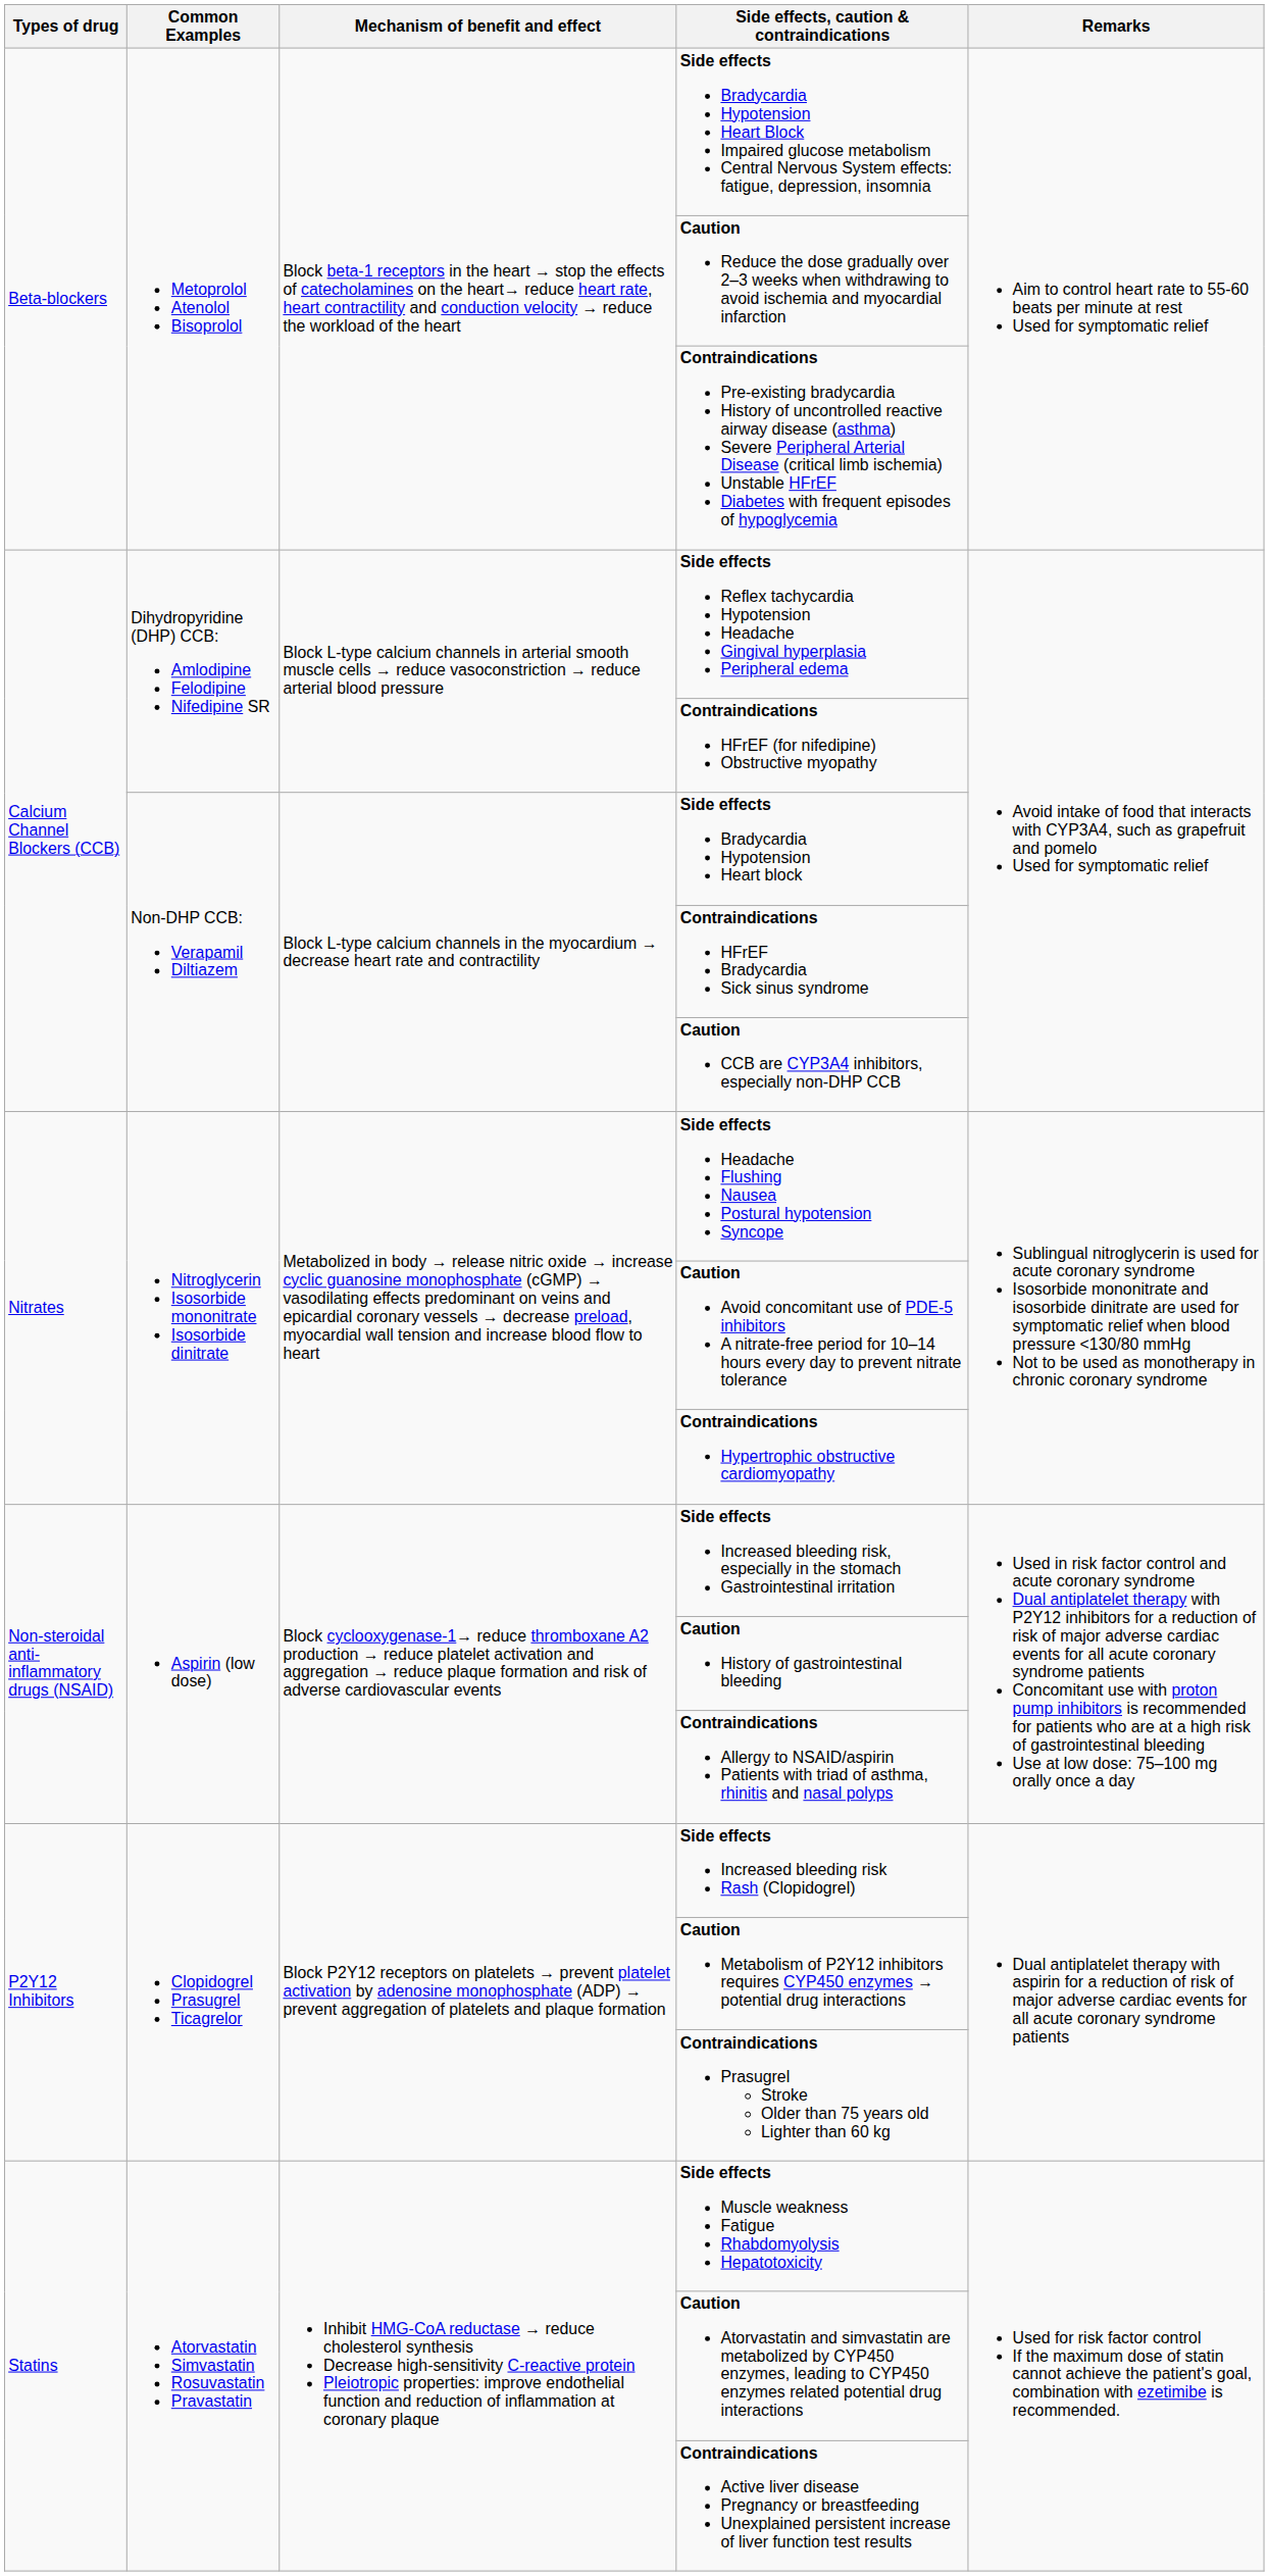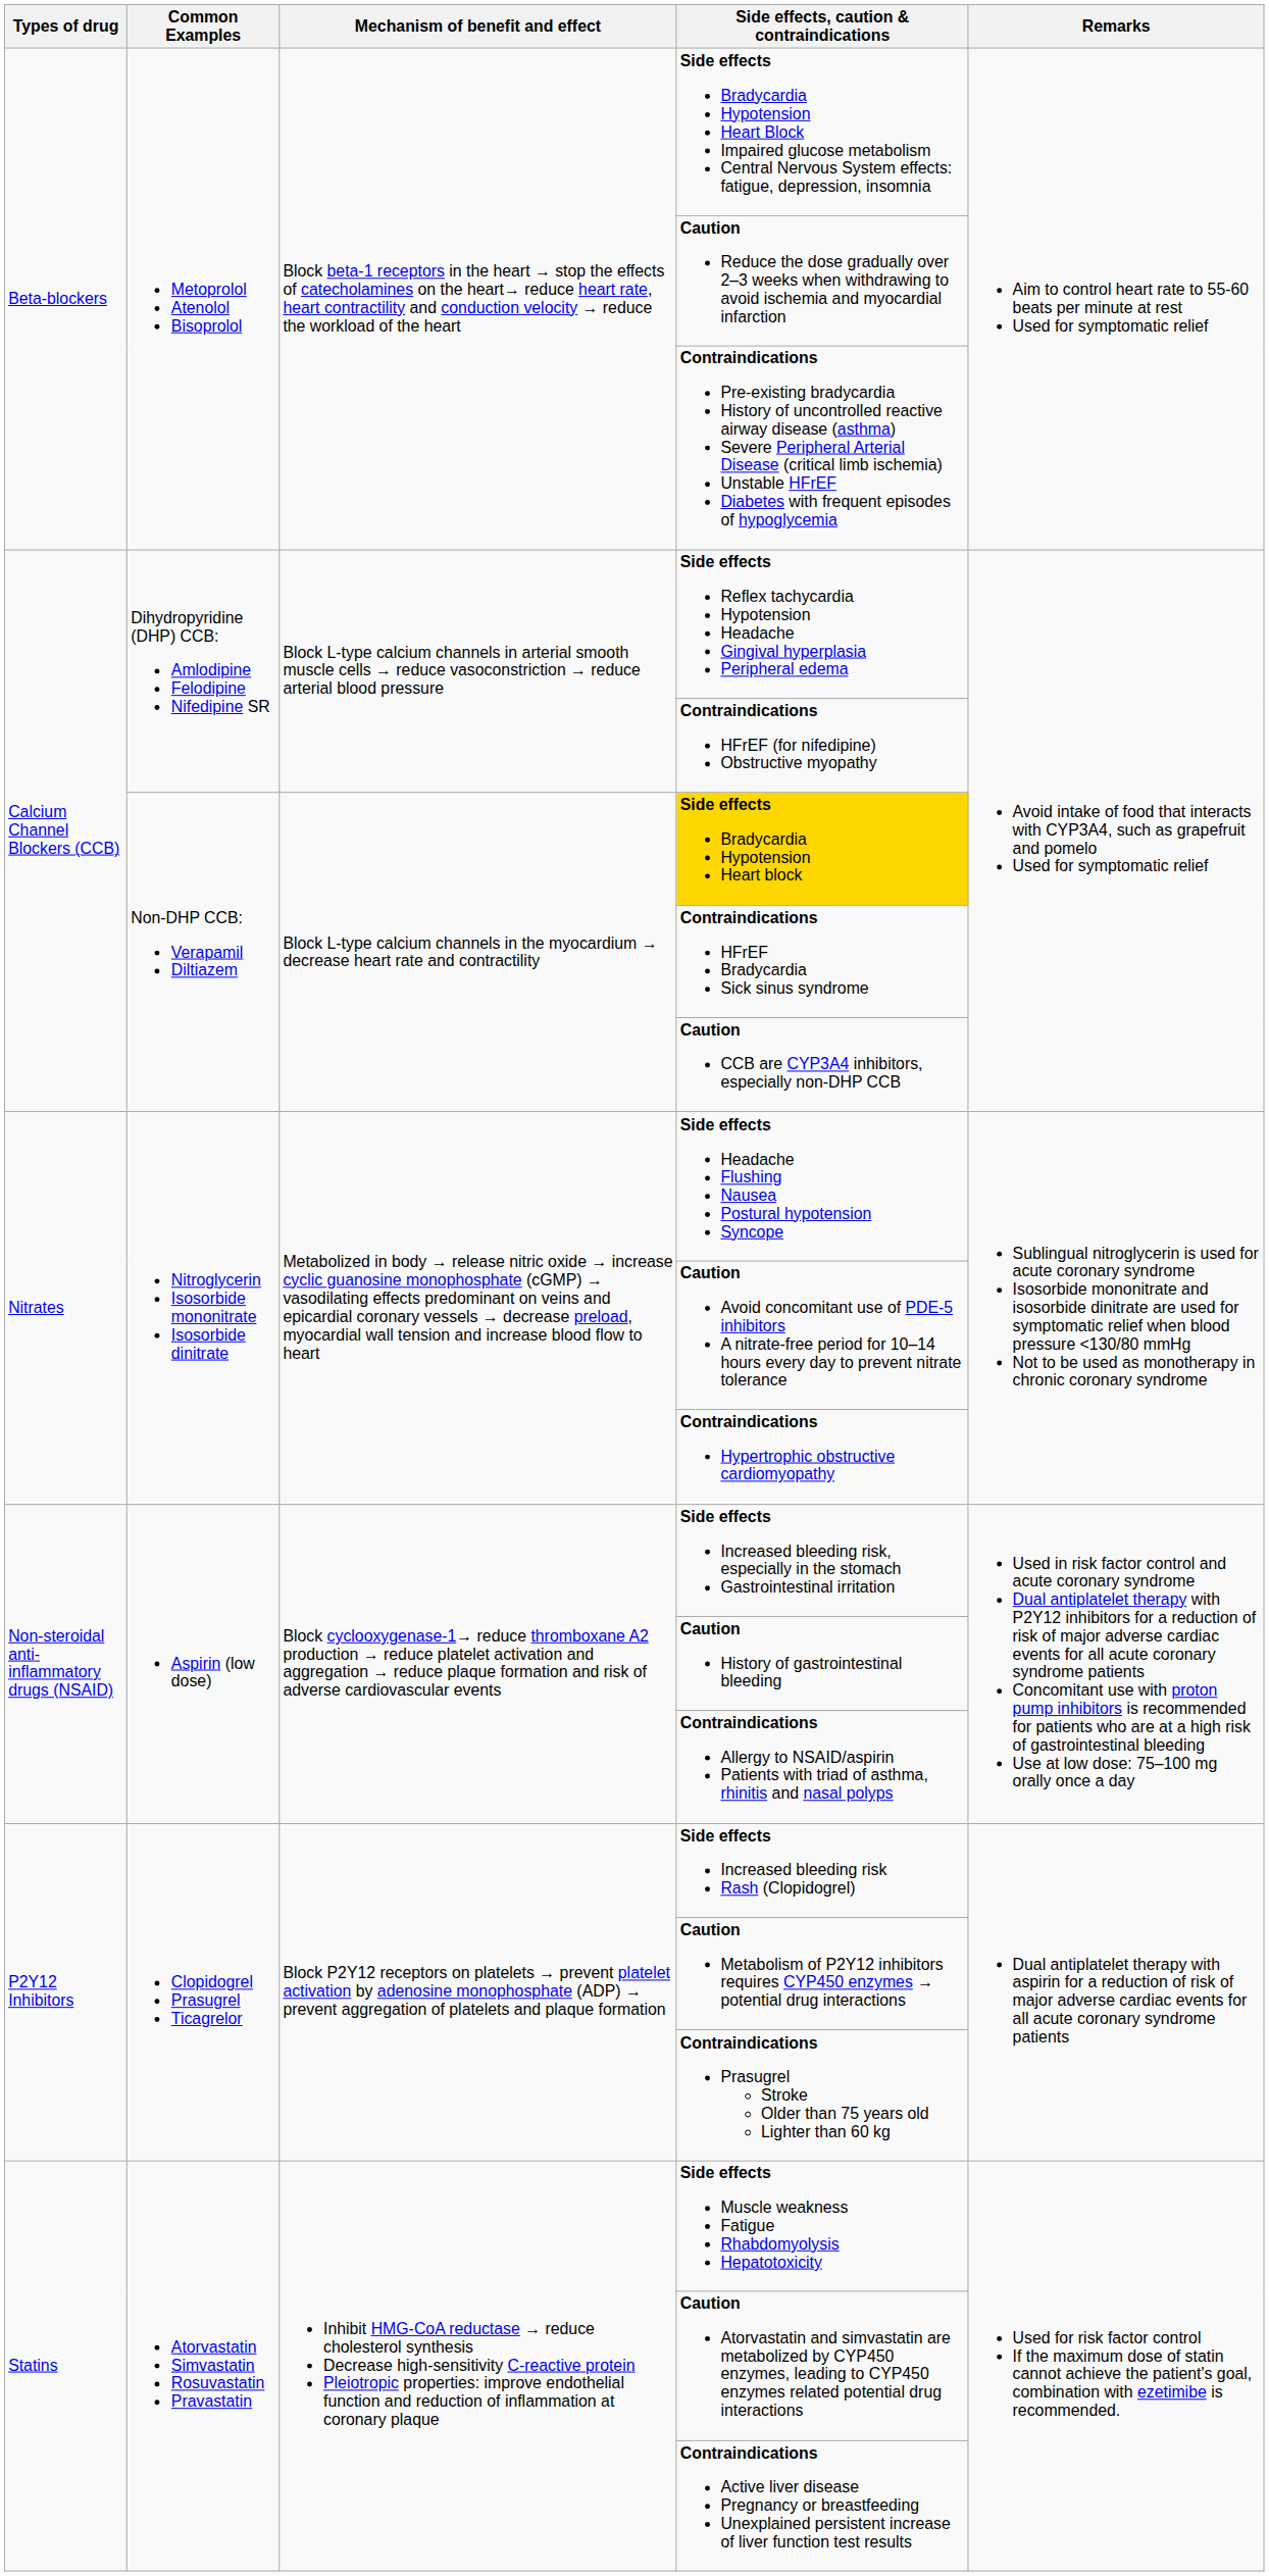 <table class="wikitable">
 <tr>
 <th>Types of drug</th>
 <th>Common Examples</th>
 <th>Mechanism of benefit and effect</th>
 <th>Side effects, caution & contraindications</th>
 <th>Remarks</th>
 </tr>
 <tr>
 <td rowspan="3"><a href='#'>Beta-blockers</a></td>
 <td rowspan="3"><br><ul><li><a href='#'>Metoprolol</a></li><li><a href='#'>Atenolol</a></li><li><a href='#'>Bisoprolol</a></li></ul></td>
 <td rowspan="3">Block <a href='#'>beta-1 receptors</a> in the heart → stop the effects of <a href='#'>catecholamines</a> on the heart→ reduce <a href='#'>heart rate</a>, <a href='#'>heart contractility</a> and <a href='#'>conduction velocity</a> → reduce the workload of the heart</td>
 <td><strong>Side effects</strong><br><ul><li><a href='#'>Bradycardia</a></li><li><a href='#'>Hypotension</a></li><li><a href='#'>Heart Block</a></li><li>Impaired glucose metabolism</li><li>Central Nervous System effects: fatigue, depression, insomnia</li></ul></td>
 <td rowspan="3"><br><ul><li>Aim to control heart rate to 55-60 beats per minute at rest</li><li>Used for symptomatic relief</li></ul></td>
 </tr>
 <tr>
 <td><strong>Caution</strong><br><ul><li>Reduce the dose gradually over 2–3 weeks when withdrawing to avoid ischemia and myocardial infarction</li></ul></td>
 </tr>
 <tr>
 <td><strong>Contraindications</strong><br><ul><li>Pre-existing bradycardia</li><li>History of uncontrolled reactive airway disease (<a href='#'>asthma</a>)</li><li>Severe <a href='#'>Peripheral Arterial Disease</a> (critical limb ischemia)</li><li>Unstable <a href='#'>HFrEF</a></li><li><a href='#'>Diabetes</a> with frequent episodes of <a href='#'>hypoglycemia</a></li></ul></td>
 </tr>
 <tr>
 <td rowspan="5"><a href='#'>Calcium Channel Blockers (CCB)</a></td>
 <td rowspan="2">Dihydropyridine (DHP) CCB:<br><ul><li><a href='#'>Amlodipine</a></li><li><a href='#'>Felodipine</a></li><li><a href='#'>Nifedipine</a> SR</li></ul></td>
 <td rowspan="2">Block L-type calcium channels in arterial smooth muscle cells → reduce vasoconstriction → reduce arterial blood pressure</td>
 <td><strong>Side effects</strong><br><ul><li>Reflex tachycardia</li><li>Hypotension</li><li>Headache</li><li><a href='#'>Gingival hyperplasia</a></li><li><a href='#'>Peripheral edema</a></li></ul></td>
 <td rowspan="5"><br><ul><li>Avoid intake of food that interacts with CYP3A4, such as grapefruit and pomelo</li><li>Used for symptomatic relief</li></ul></td>
 </tr>
 <tr>
 <td><strong>Contraindications</strong><br><ul><li>HFrEF (for nifedipine)</li><li>Obstructive myopathy</li></ul></td>
 </tr>
 <tr>
 <td rowspan="3">Non-DHP CCB:<br><ul><li><a href='#'>Verapamil</a></li><li><a href='#'>Diltiazem</a></li></ul></td>
 <td rowspan="3">Block L-type calcium channels in the myocardium → decrease heart rate and contractility</td>
-<td><strong>Side effects</strong><br><ul><li>Bradycardia</li><li>Hypotension</li><li>Heart block</li></ul></td>
+<td style="background: gold;"><strong>Side effects</strong><br><ul><li>Bradycardia</li><li>Hypotension</li><li>Heart block</li></ul></td>
 </tr>
 <tr>
 <td><strong>Contraindications</strong><br><ul><li>HFrEF</li><li>Bradycardia</li><li>Sick sinus syndrome</li></ul></td>
 </tr>
 <tr>
 <td><strong>Caution</strong><br><ul><li>CCB are <a href='#'>CYP3A4</a> inhibitors, especially non-DHP CCB</li></ul></td>
 </tr>
 <tr>
 <td rowspan="3"><a href='#'>Nitrates</a></td>
 <td rowspan="3"><br><ul><li><a href='#'>Nitroglycerin</a></li><li><a href='#'>Isosorbide mononitrate</a></li><li><a href='#'>Isosorbide dinitrate</a></li></ul></td>
 <td rowspan="3">Metabolized in body → release nitric oxide → increase <a href='#'>cyclic guanosine monophosphate</a> (cGMP) → vasodilating effects predominant on veins and epicardial coronary vessels → decrease <a href='#'>preload</a>, myocardial wall tension and increase blood flow to heart</td>
 <td><strong>Side effects</strong><br><ul><li>Headache</li><li><a href='#'>Flushing</a></li><li><a href='#'>Nausea</a></li><li><a href='#'>Postural hypotension</a></li><li><a href='#'>Syncope</a></li></ul></td>
 <td rowspan="3"><br><ul><li>Sublingual nitroglycerin is used for acute coronary syndrome</li><li>Isosorbide mononitrate and isosorbide dinitrate are used for symptomatic relief when blood pressure <130/80 mmHg</li><li>Not to be used as monotherapy in chronic coronary syndrome</li></ul></td>
 </tr>
 <tr>
 <td><strong>Caution</strong><br><ul><li>Avoid concomitant use of <a href='#'>PDE-5 inhibitors</a></li><li>A nitrate-free period for 10–14 hours every day to prevent nitrate tolerance</li></ul></td>
 </tr>
 <tr>
 <td><strong>Contraindications</strong><br><ul><li><a href='#'>Hypertrophic obstructive cardiomyopathy</a></li></ul></td>
 </tr>
 <tr>
 <td rowspan="3"><a href='#'>Non-steroidal</a><br><a href='#'>anti-inflammatory drugs (NSAID)</a></td>
 <td rowspan="3"><br><ul><li><a href='#'>Aspirin</a> (low dose)</li></ul></td>
 <td rowspan="3">Block <a href='#'>cyclooxygenase-1</a>→ reduce <a href='#'>thromboxane A2</a> production → reduce platelet activation and aggregation → reduce plaque formation and risk of adverse cardiovascular events</td>
 <td><strong>Side effects</strong><br><ul><li>Increased bleeding risk, especially in the stomach</li><li>Gastrointestinal irritation</li></ul></td>
 <td rowspan="3"><br><ul><li>Used in risk factor control and acute coronary syndrome</li><li><a href='#'>Dual antiplatelet therapy</a> with P2Y12 inhibitors for a reduction of risk of major adverse cardiac events for all acute coronary syndrome patients</li><li>Concomitant use with <a href='#'>proton pump inhibitors</a> is recommended for patients who are at a high risk of gastrointestinal bleeding</li><li>Use at low dose: 75–100 mg orally once a day</li></ul></td>
 </tr>
 <tr>
 <td><strong>Caution</strong><br><ul><li>History of gastrointestinal bleeding</li></ul></td>
 </tr>
 <tr>
 <td><strong>Contraindications</strong><br><ul><li>Allergy to NSAID/aspirin</li><li>Patients with triad of asthma, <a href='#'>rhinitis</a> and <a href='#'>nasal polyps</a></li></ul></td>
 </tr>
 <tr>
 <td rowspan="3"><a href='#'>P2Y12 Inhibitors</a></td>
 <td rowspan="3"><br><ul><li><a href='#'>Clopidogrel</a></li><li><a href='#'>Prasugrel</a></li><li><a href='#'>Ticagrelor</a></li></ul></td>
 <td rowspan="3">Block P2Y12 receptors on platelets → prevent <a href='#'>platelet activation</a> by <a href='#'>adenosine monophosphate</a> (ADP) → prevent aggregation of platelets and plaque formation</td>
 <td><strong>Side effects</strong><br><ul><li>Increased bleeding risk</li><li><a href='#'>Rash</a> (Clopidogrel)</li></ul></td>
 <td rowspan="3"><br><ul><li>Dual antiplatelet therapy with aspirin for a reduction of risk of major adverse cardiac events for all acute coronary syndrome patients</li></ul></td>
 </tr>
 <tr>
 <td><strong>Caution</strong><br><ul><li>Metabolism of P2Y12 inhibitors requires <a href='#'>CYP450 enzymes</a> → potential drug interactions</li></ul></td>
 </tr>
 <tr>
 <td><strong>Contraindications</strong><br><ul><li>Prasugrel<ul><li>Stroke</li><li>Older than 75 years old</li><li>Lighter than 60 kg</li></ul></li></ul></td>
 </tr>
 <tr>
 <td rowspan="3"><a href='#'>Statins</a></td>
 <td rowspan="3"><br><ul><li><a href='#'>Atorvastatin</a></li><li><a href='#'>Simvastatin</a></li><li><a href='#'>Rosuvastatin</a></li><li><a href='#'>Pravastatin</a></li></ul></td>
 <td rowspan="3"><br><ul><li>Inhibit <a href='#'>HMG-CoA reductase</a> → reduce cholesterol synthesis</li><li>Decrease high-sensitivity <a href='#'>C-reactive protein</a></li><li><a href='#'>Pleiotropic</a> properties: improve endothelial function and reduction of inflammation at coronary plaque</li></ul></td>
 <td><strong>Side effects</strong><br><ul><li>Muscle weakness</li><li>Fatigue</li><li><a href='#'>Rhabdomyolysis</a></li><li><a href='#'>Hepatotoxicity</a></li></ul></td>
 <td rowspan="3"><br><ul><li>Used for risk factor control</li><li>If the maximum dose of statin cannot achieve the patient's goal, combination with <a href='#'>ezetimibe</a> is recommended.</li></ul></td>
 </tr>
 <tr>
 <td><strong>Caution</strong><br><ul><li>Atorvastatin and simvastatin are metabolized by CYP450 enzymes, leading to CYP450 enzymes related potential drug interactions</li></ul></td>
 </tr>
 <tr>
 <td><strong>Contraindications</strong><br><ul><li>Active liver disease</li><li>Pregnancy or breastfeeding</li><li>Unexplained persistent increase of liver function test results</li></ul></td>
 </tr>
 </table>
